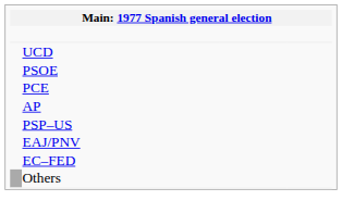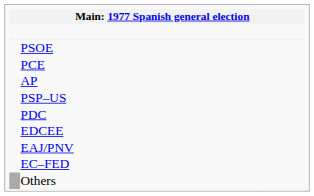 <table class="infobox vcard" style="width:23.0em; padding:0.3em; padding-bottom:0em;" cellspacing=0>
 <tr>
 <td style="background:#F2F2F2; vertical-align:middle; padding:0.4em;" width="30px"></td>
 <th colspan="4" style="text-align:center; background:#F2F2F2; font-size:0.85em; width:100%; vertical-align:middle;">Main: <a href='#'>1977 Spanish general election</a></th>
 </tr>
 <tr>
 <td colspan="5" style="text-align:center; font-size:0.85em; padding:0.5em 0em;">  </td>
 </tr>
 <tr>
 <td colspan="5"></td>
 </tr>
 <tr>
 <td colspan="5"></td>
 </tr>
 <tr>
 <th colspan="2" width="85px" style="background:#F2F2F2;"></th>
 <th width="70px" style="background:#F2F2F2;"></th>
 <th width="45px" style="background:#F2F2F2;"></th>
 <th width="30px" style="background:#F2F2F2;"></th>
-</tr>
-<tr>
-<td style="background:"></td>
-<td><a href='#'>UCD</a></td>
-<td></td>
-<td></td>
-<td></td>
 </tr>
 <tr>
 <td style="background:"></td>
 <td><a href='#'>PSOE</a></td>
 <td></td>
 <td></td>
 <td></td>
 </tr>
 <tr>
 <td style="background:"></td>
 <td><a href='#'>PCE</a></td>
 <td></td>
 <td></td>
 <td></td>
 </tr>
 <tr>
 <td style="background:"></td>
 <td><a href='#'>AP</a></td>
 <td></td>
 <td></td>
 <td></td>
 </tr>
 <tr>
 <td style="background:"></td>
 <td><a href='#'>PSP–US</a></td>
+<td></td>
+<td></td>
+<td></td>
+</tr>
+<tr>
+<td style="background:"></td>
+<td><a href='#'>PDC</a></td>
+<td></td>
+<td></td>
+<td></td>
+</tr>
+<tr>
+<td style="background:"></td>
+<td><a href='#'>EDCEE</a></td>
 <td></td>
 <td></td>
 <td></td>
 </tr>
 <tr>
 <td style="background:"></td>
 <td><a href='#'>EAJ/PNV</a></td>
 <td></td>
 <td></td>
 <td></td>
 </tr>
 <tr>
 <td style="background:"></td>
 <td><a href='#'>EC–FED</a></td>
 <td></td>
 <td></td>
 <td></td>
 </tr>
 <tr>
 <td style="background:#AAAAAA;"></td>
 <td>Others</td>
 <td></td>
 <td></td>
 <td></td>
 </tr>
 <tr>
 <th colspan="2" style="background:#F2F2F2;"></th>
 <th style="background:#F2F2F2;"></th>
 <th style="background:#F2F2F2;"></th>
 <th style="background:#F2F2F2;"></th>
 </tr>
 </table>
